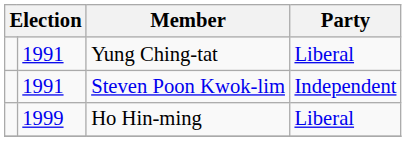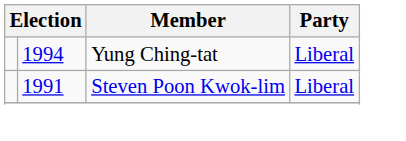 <table class="wikitable">
 <tr>
 <th colspan="2">Election</th>
 <th>Member</th>
 <th>Party</th>
 </tr>
 <tr>
 <td style="background-color: "></td>
-<td><a href='#'>1991</a></td>
+<td><a href='#'>1994</a></td>
 <td>Yung Ching-tat</td>
 <td><a href='#'>Liberal</a></td>
 </tr>
 <tr>
 <td style="background-color: "></td>
 <td><a href='#'>1991</a></td>
 <td><a href='#'>Steven Poon Kwok-lim</a></td>
-<td><a href='#'>Independent</a></td>
-</tr>
-<tr>
-<td style="background-color: "></td>
-<td><a href='#'>1999</a></td>
-<td>Ho Hin-ming</td>
 <td><a href='#'>Liberal</a></td>
 </tr>
 <tr>
 </tr>
 <tr>
 </tr>
 </table>
